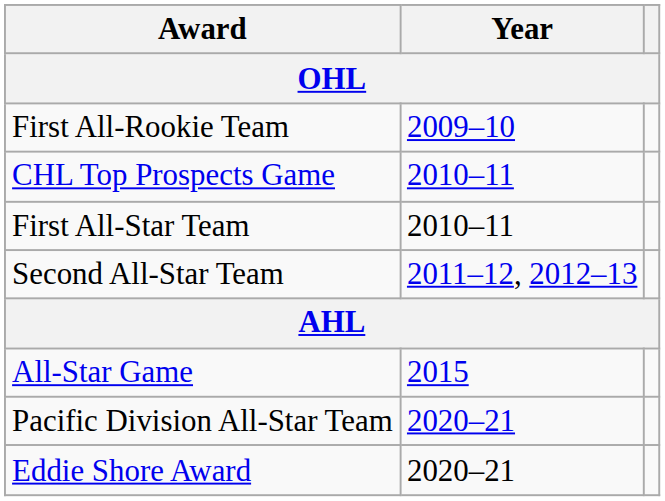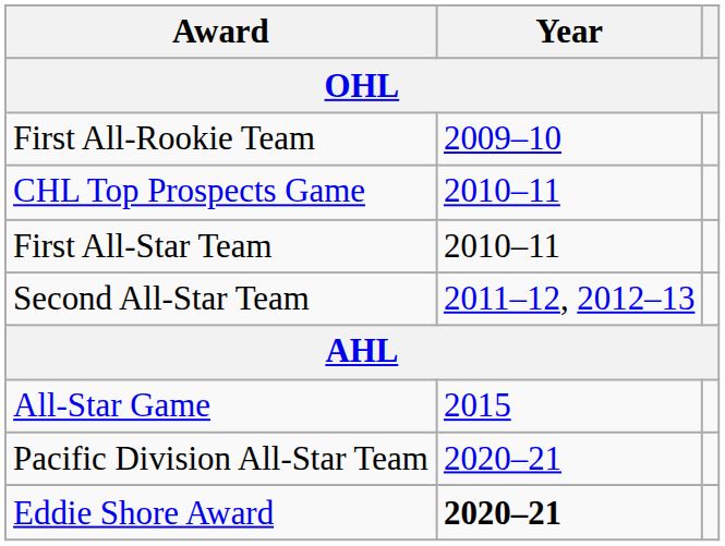 <table class="wikitable">
 <tr>
 <th>Award</th>
 <th>Year</th>
 <th></th>
 </tr>
 <tr>
 <th colspan="3"><a href='#'>OHL</a></th>
 </tr>
 <tr>
 <td>First All-Rookie Team</td>
 <td><a href='#'>2009–10</a></td>
 <td></td>
 </tr>
 <tr>
 <td><a href='#'>CHL Top Prospects Game</a></td>
 <td><a href='#'>2010–11</a></td>
 <td></td>
 </tr>
 <tr>
 <td>First All-Star Team</td>
 <td>2010–11</td>
 <td></td>
 </tr>
 <tr>
 <td>Second All-Star Team</td>
 <td><a href='#'>2011–12</a>, <a href='#'>2012–13</a></td>
 <td></td>
 </tr>
 <tr>
 <th colspan="3"><a href='#'>AHL</a></th>
 </tr>
 <tr>
 <td><a href='#'>All-Star Game</a></td>
 <td><a href='#'>2015</a></td>
 <td></td>
 </tr>
 <tr>
 <td>Pacific Division All-Star Team</td>
 <td><a href='#'>2020–21</a></td>
 <td></td>
 </tr>
 <tr>
 <td><a href='#'>Eddie Shore Award</a></td>
-<td>2020–21</td>
+<td><strong>2020–21</strong></td>
 <td></td>
 </tr>
 </table>
